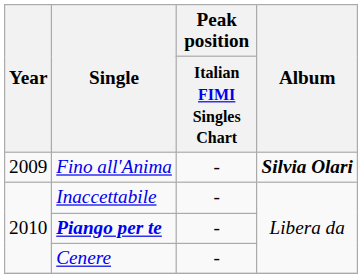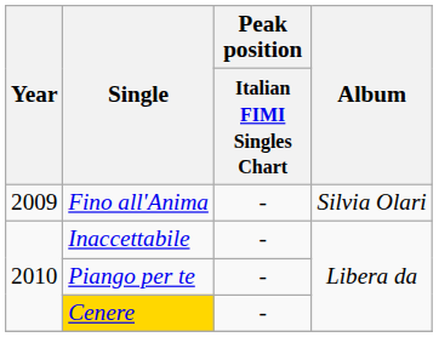 <table class="wikitable">
 <tr>
 <th rowspan="2">Year</th>
 <th rowspan="2">Single</th>
 <th colspan="1">Peak position</th>
 <th rowspan="2">Album</th>
 </tr>
 <tr>
 <th width="60"><small>Italian <a href='#'>FIMI</a> Singles Chart</small></th>
 </tr>
 <tr>
 <td rowspan="1">2009</td>
 <td><em><a href='#'>Fino all'Anima</a></em></td>
 <td align="center">-</td>
-<td align="center" rowspan="1"><strong><em>Silvia Olari</em></strong></td>
+<td align="center" rowspan="1"><em>Silvia Olari</em></td>
 </tr>
 <tr>
 <td rowspan="3">2010</td>
 <td><em><a href='#'>Inaccettabile</a></em></td>
 <td align="center">-</td>
 <td align="center" rowspan="3"><em>Libera da</em></td>
 </tr>
 <tr>
-<td><strong><em><a href='#'>Piango per te</a></em></strong></td>
+<td><em><a href='#'>Piango per te</a></em></td>
 <td align="center">-</td>
 </tr>
 <tr>
-<td><em><a href='#'>Cenere</a></em></td>
+<td style="background: gold;"><em><a href='#'>Cenere</a></em></td>
 <td align="center">-</td>
 </tr>
 <tr>
 </tr>
 </table>
